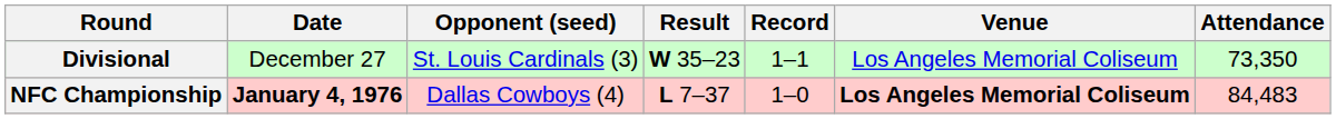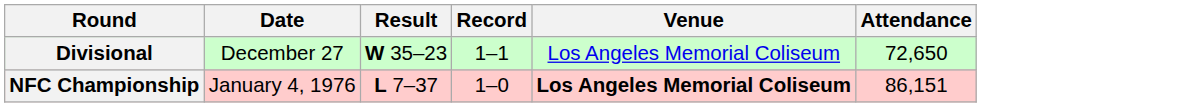 <table class="wikitable" style="text-align:center">
 <tr>
 <th>Round</th>
 <th>Date</th>
-<th>Opponent (seed)</th>
 <th>Result</th>
 <th>Record</th>
 <th>Venue</th>
 <th>Attendance</th>
 </tr>
 <tr style="background:#cfc">
 <th>Divisional</th>
 <td>December 27</td>
-<td><a href='#'>St. Louis Cardinals</a> (3)</td>
 <td><strong>W</strong> 35–23</td>
 <td>1–1</td>
 <td><a href='#'>Los Angeles Memorial Coliseum</a></td>
-<td>73,350</td>
+<td>72,650</td>
 </tr>
 <tr style="background:#fcc">
 <th>NFC Championship</th>
-<td><strong>January 4, 1976</strong></td>
-<td><a href='#'>Dallas Cowboys</a> (4)</td>
+<td>January 4, 1976</td>
 <td><strong>L</strong> 7–37</td>
 <td>1–0</td>
 <td><strong>Los Angeles Memorial Coliseum</strong></td>
-<td>84,483</td>
+<td>86,151</td>
 </tr>
 </table>
